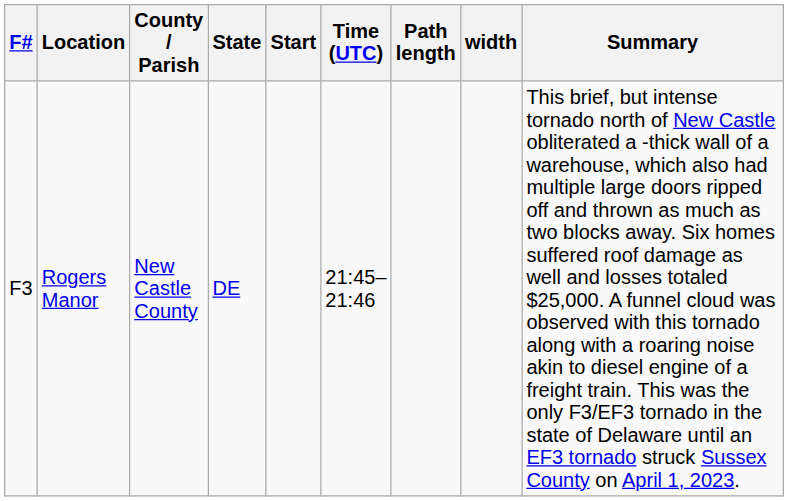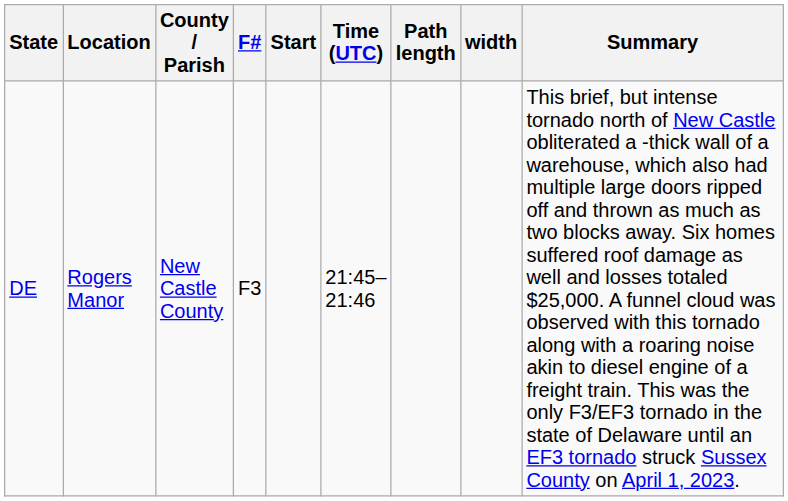 <table class="wikitable sortable" style="width:100%;">
 <tr>
-<th scope="col"  style="width:3%; text-align:center;"><a href='#'>F#</a></th>
+<th scope="col"  style="width:5%; text-align:center;">State</th>
 <th scope="col"  style="width:7%; text-align:center;" class="unsortable">Location</th>
 <th scope="col"  style="width:6%; text-align:center;" class="unsortable">County / Parish</th>
-<th scope="col"  style="width:5%; text-align:center;">State</th>
+<th scope="col"  style="width:3%; text-align:center;"><a href='#'>F#</a></th>
 <th scope="col"  style="width:6%; text-align:center;">Start<br></th>
 <th scope="col"  style="width:6%; text-align:center;">Time (<a href='#'>UTC</a>)</th>
 <th scope="col"  style="width:6%; text-align:center;">Path length</th>
 <th scope="col"  style="width:6%; text-align:center;"> width</th>
 <th scope="col" class="unsortable" style="width:48%; text-align:center;">Summary</th>
 </tr>
 <tr>
-<td>F3</td>
+<td><a href='#'>DE</a></td>
 <td><a href='#'>Rogers Manor</a></td>
 <td><a href='#'>New Castle County</a></td>
-<td><a href='#'>DE</a></td>
+<td>F3</td>
 <td></td>
 <td>21:45–21:46</td>
 <td></td>
 <td></td>
 <td>This brief, but intense tornado north of <a href='#'>New Castle</a> obliterated a -thick wall of a warehouse, which also had multiple large doors ripped off and thrown as much as two blocks away. Six homes suffered roof damage as well and losses totaled $25,000. A funnel cloud was observed with this tornado along with a roaring noise akin to diesel engine of a freight train. This was the only F3/EF3 tornado in the state of Delaware until an <a href='#'>EF3 tornado</a> struck <a href='#'>Sussex County</a> on <a href='#'>April 1, 2023</a>.</td>
 </tr>
 </table>
